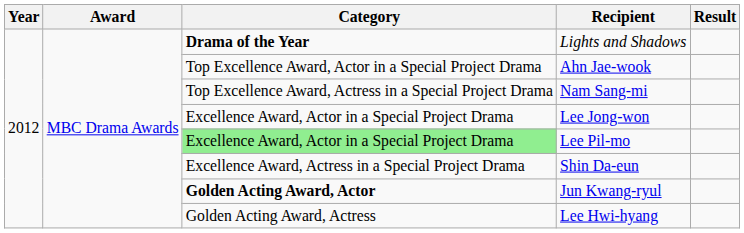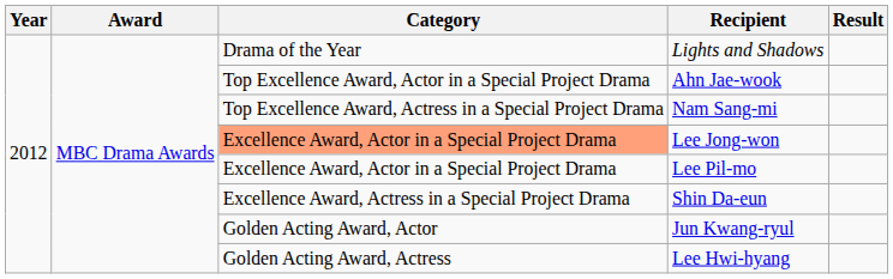 <table class="wikitable">
 <tr>
 <th width=10>Year</th>
 <th>Award</th>
 <th>Category</th>
 <th>Recipient</th>
 <th>Result</th>
 </tr>
 <tr>
 <td rowspan=8>2012</td>
 <td rowspan=8><a href='#'>MBC Drama Awards</a></td>
-<td><strong>Drama of the Year</strong></td>
+<td>Drama of the Year</td>
 <td><em>Lights and Shadows</em></td>
 <td></td>
 </tr>
 <tr>
 <td>Top Excellence Award, Actor in a Special Project Drama</td>
 <td><a href='#'>Ahn Jae-wook</a></td>
 <td></td>
 </tr>
 <tr>
 <td>Top Excellence Award, Actress in a Special Project Drama</td>
 <td><a href='#'>Nam Sang-mi</a></td>
 <td></td>
 </tr>
 <tr>
-<td>Excellence Award, Actor in a Special Project Drama</td>
+<td style="background: lightsalmon;">Excellence Award, Actor in a Special Project Drama</td>
 <td><a href='#'>Lee Jong-won</a></td>
 <td></td>
 </tr>
 <tr>
-<td style="background: lightgreen;">Excellence Award, Actor in a Special Project Drama</td>
+<td>Excellence Award, Actor in a Special Project Drama</td>
 <td><a href='#'>Lee Pil-mo</a></td>
 <td></td>
 </tr>
 <tr>
 <td>Excellence Award, Actress in a Special Project Drama</td>
 <td><a href='#'>Shin Da-eun</a></td>
 <td></td>
 </tr>
 <tr>
-<td><strong>Golden Acting Award, Actor</strong></td>
+<td>Golden Acting Award, Actor</td>
 <td><a href='#'>Jun Kwang-ryul</a></td>
 <td></td>
 </tr>
 <tr>
 <td>Golden Acting Award, Actress</td>
 <td><a href='#'>Lee Hwi-hyang</a></td>
 <td></td>
 </tr>
 </table>
